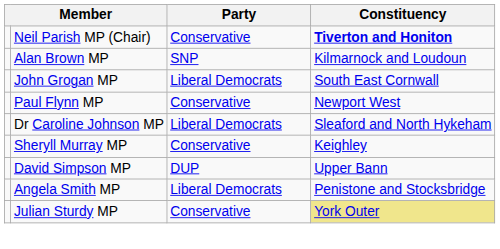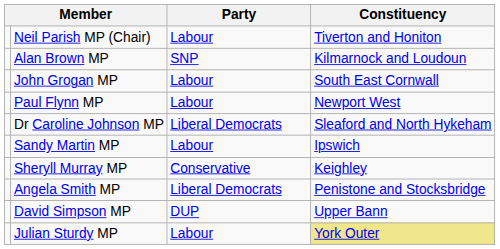 <table class="wikitable">
 <tr>
 <th colspan="2" width="160px" valign="top">Member</th>
 <th width="160px" valign="top">Party</th>
 <th valign="top">Constituency</th>
 </tr>
 <tr>
 <td style="color:inherit;background:"></td>
 <td><a href='#'>Neil Parish</a> MP (Chair)</td>
-<td><a href='#'>Conservative</a></td>
-<td><strong><a href='#'>Tiverton and Honiton</a></strong></td>
+<td><a href='#'>Labour</a></td>
+<td><a href='#'>Tiverton and Honiton</a></td>
 </tr>
 <tr>
 <td style="color:inherit;background:"></td>
 <td><a href='#'>Alan Brown</a> MP</td>
 <td><a href='#'>SNP</a></td>
 <td><a href='#'>Kilmarnock and Loudoun</a></td>
 </tr>
 <tr>
 <td style="color:inherit;background:"></td>
 <td><a href='#'>John Grogan</a> MP</td>
-<td><a href='#'>Liberal Democrats</a></td>
+<td><a href='#'>Labour</a></td>
 <td><a href='#'>South East Cornwall</a></td>
 </tr>
 <tr>
 <td style="color:inherit;background:"></td>
 <td><a href='#'>Paul Flynn</a> MP</td>
-<td><a href='#'>Conservative</a></td>
+<td><a href='#'>Labour</a></td>
 <td><a href='#'>Newport West</a></td>
 </tr>
 <tr>
 <td style="color:inherit;background:"></td>
 <td>Dr <a href='#'>Caroline Johnson</a> MP</td>
 <td><a href='#'>Liberal Democrats</a></td>
 <td><a href='#'>Sleaford and North Hykeham</a></td>
 </tr>
 <tr>
 <td style="color:inherit;background:"></td>
+<td><a href='#'>Sandy Martin</a> MP</td>
+<td><a href='#'>Labour</a></td>
+<td><a href='#'>Ipswich</a></td>
+</tr>
+<tr>
+<td style="color:inherit;background:"></td>
 <td><a href='#'>Sheryll Murray</a> MP</td>
 <td><a href='#'>Conservative</a></td>
 <td><a href='#'>Keighley</a></td>
+</tr>
+<tr>
+<td style="color:inherit;background:"></td>
+<td><a href='#'>Angela Smith</a> MP</td>
+<td><a href='#'>Liberal Democrats</a></td>
+<td><a href='#'>Penistone and Stocksbridge</a></td>
 </tr>
 <tr>
 <td style="color:inherit;background:"></td>
 <td><a href='#'>David Simpson</a> MP</td>
 <td><a href='#'>DUP</a></td>
 <td><a href='#'>Upper Bann</a></td>
 </tr>
 <tr>
 <td style="color:inherit;background:"></td>
-<td><a href='#'>Angela Smith</a> MP</td>
-<td><a href='#'>Liberal Democrats</a></td>
-<td><a href='#'>Penistone and Stocksbridge</a></td>
-</tr>
-<tr>
-<td style="color:inherit;background:"></td>
 <td><a href='#'>Julian Sturdy</a> MP</td>
-<td><a href='#'>Conservative</a></td>
+<td><a href='#'>Labour</a></td>
 <td style="background: khaki;"><a href='#'>York Outer</a></td>
 </tr>
 </table>
